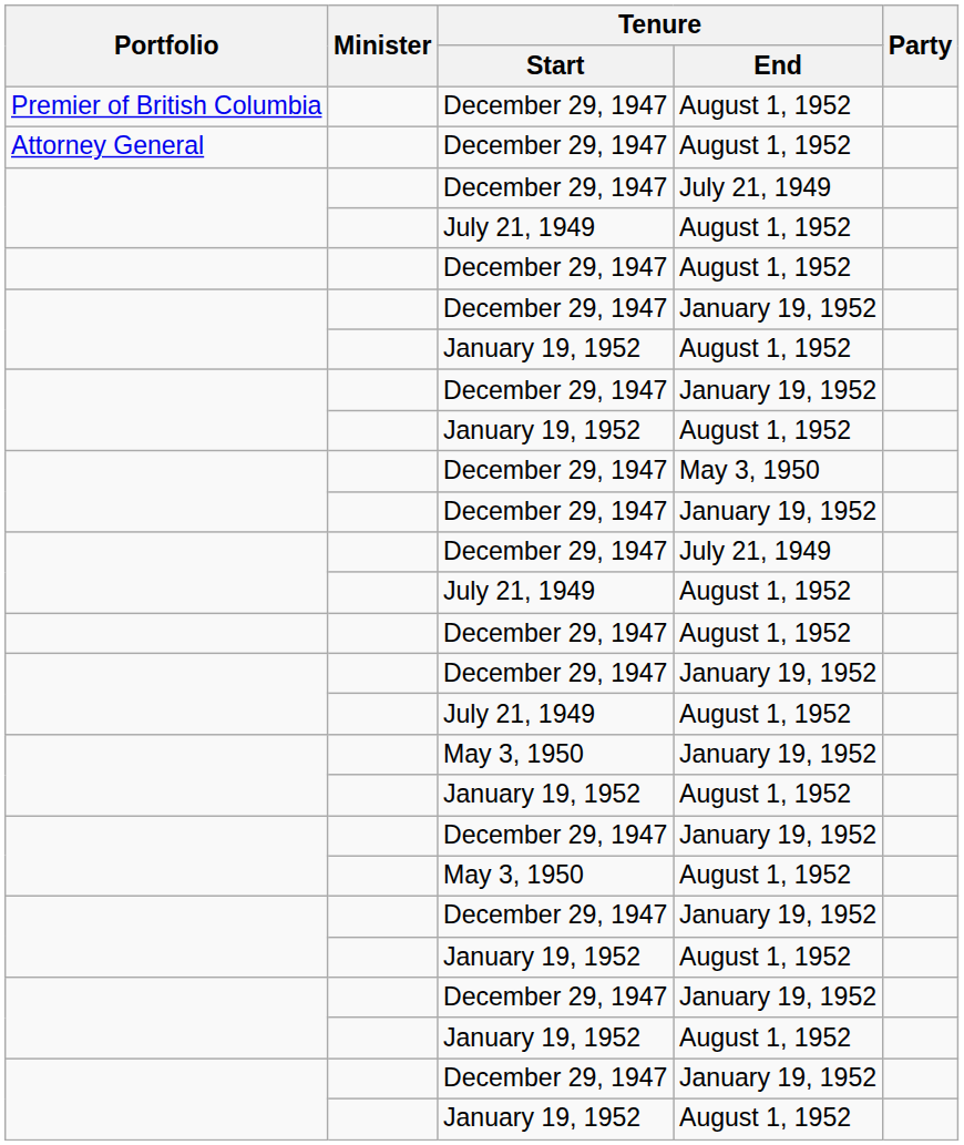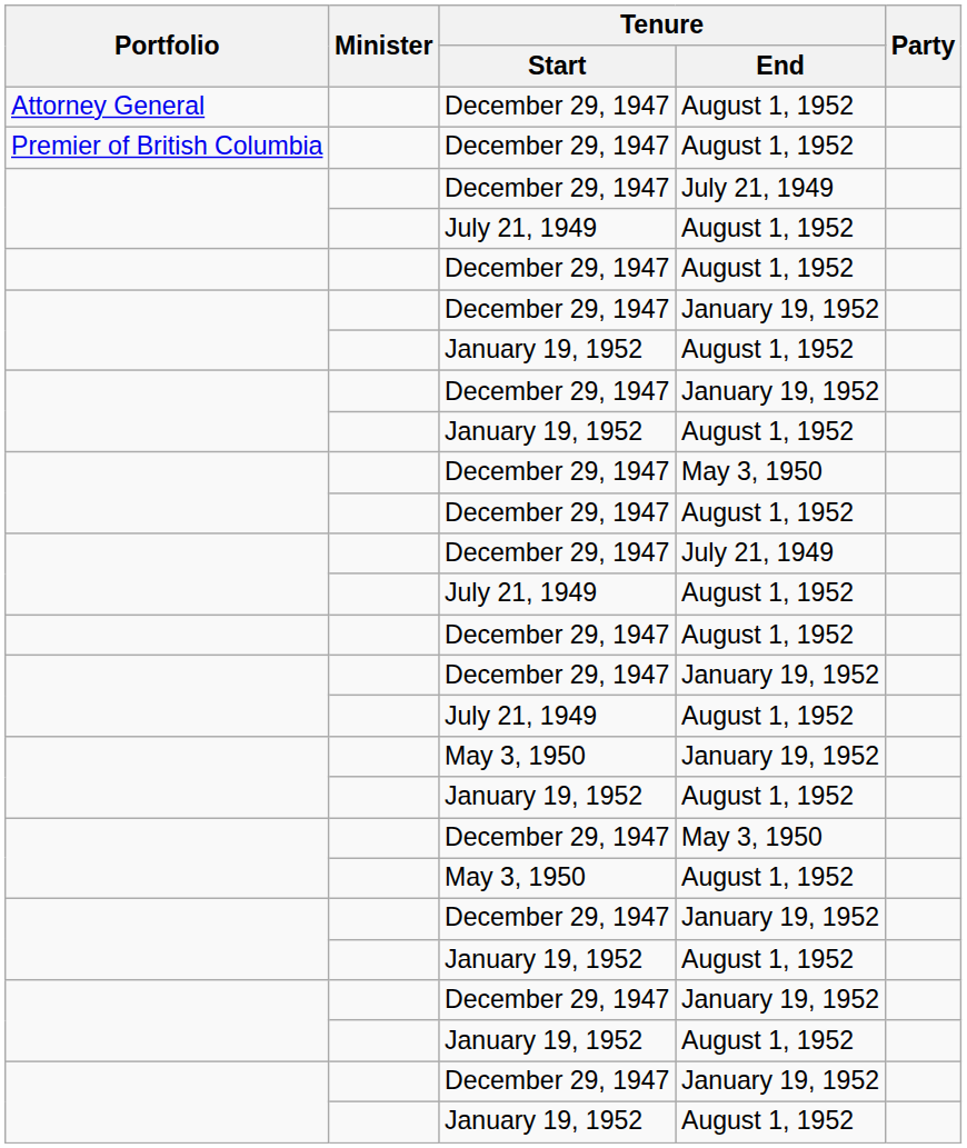 <table class="wikitable sortable">
 <tr>
 <th colspan="1" rowspan="2">Portfolio</th>
 <th rowspan="2">Minister</th>
 <th colspan="2">Tenure</th>
 <th rowspan="2">Party</th>
 </tr>
 <tr>
 <th>Start</th>
 <th>End</th>
 </tr>
 <tr>
-<td><a href='#'>Premier of British Columbia</a></td>
+<td><a href='#'>Attorney General</a></td>
 <td></td>
 <td>December 29, 1947</td>
 <td>August 1, 1952</td>
 <td></td>
 </tr>
 <tr>
-<td><a href='#'>Attorney General</a></td>
+<td><a href='#'>Premier of British Columbia</a></td>
 <td></td>
 <td>December 29, 1947</td>
 <td>August 1, 1952</td>
 <td></td>
 </tr>
 <tr>
 <td rowspan="2"></td>
 <td></td>
 <td>December 29, 1947</td>
 <td>July 21, 1949</td>
 <td></td>
 </tr>
 <tr>
 <td></td>
 <td>July 21, 1949</td>
 <td>August 1, 1952</td>
 <td></td>
 </tr>
 <tr>
 <td></td>
 <td></td>
 <td>December 29, 1947</td>
 <td>August 1, 1952</td>
 <td></td>
 </tr>
 <tr>
 <td rowspan="2"></td>
 <td></td>
 <td>December 29, 1947</td>
 <td>January 19, 1952</td>
 <td></td>
 </tr>
 <tr>
 <td></td>
 <td>January 19, 1952</td>
 <td>August 1, 1952</td>
 <td></td>
 </tr>
 <tr>
 <td rowspan="2"></td>
 <td></td>
 <td>December 29, 1947</td>
 <td>January 19, 1952</td>
 <td></td>
 </tr>
 <tr>
 <td></td>
 <td>January 19, 1952</td>
 <td>August 1, 1952</td>
 <td></td>
 </tr>
 <tr>
 <td rowspan="2"></td>
 <td></td>
 <td>December 29, 1947</td>
 <td>May 3, 1950</td>
 <td></td>
 </tr>
 <tr>
 <td></td>
 <td>December 29, 1947</td>
-<td>January 19, 1952</td>
+<td>August 1, 1952</td>
 <td></td>
 </tr>
 <tr>
 <td rowspan="2"></td>
 <td></td>
 <td>December 29, 1947</td>
 <td>July 21, 1949</td>
 <td></td>
 </tr>
 <tr>
 <td></td>
 <td>July 21, 1949</td>
 <td>August 1, 1952</td>
 <td></td>
 </tr>
 <tr>
 <td></td>
 <td></td>
 <td>December 29, 1947</td>
 <td>August 1, 1952</td>
 <td></td>
 </tr>
 <tr>
 <td rowspan="2"></td>
 <td></td>
 <td>December 29, 1947</td>
 <td>January 19, 1952</td>
 <td></td>
 </tr>
 <tr>
 <td></td>
 <td>July 21, 1949</td>
 <td>August 1, 1952</td>
 <td></td>
 </tr>
 <tr>
 <td rowspan="2"></td>
 <td></td>
 <td>May 3, 1950</td>
 <td>January 19, 1952</td>
 <td></td>
 </tr>
 <tr>
 <td></td>
 <td>January 19, 1952</td>
 <td>August 1, 1952</td>
 <td></td>
 </tr>
 <tr>
 <td rowspan="2"></td>
 <td></td>
 <td>December 29, 1947</td>
-<td>January 19, 1952</td>
+<td>May 3, 1950</td>
 <td></td>
 </tr>
 <tr>
 <td></td>
 <td>May 3, 1950</td>
 <td>August 1, 1952</td>
 <td></td>
 </tr>
 <tr>
 <td rowspan="2"></td>
 <td></td>
 <td>December 29, 1947</td>
 <td>January 19, 1952</td>
 <td></td>
 </tr>
 <tr>
 <td></td>
 <td>January 19, 1952</td>
 <td>August 1, 1952</td>
 <td></td>
 </tr>
 <tr>
 <td rowspan="2"></td>
 <td></td>
 <td>December 29, 1947</td>
 <td>January 19, 1952</td>
 <td></td>
 </tr>
 <tr>
 <td></td>
 <td>January 19, 1952</td>
 <td>August 1, 1952</td>
 <td></td>
 </tr>
 <tr>
 <td rowspan="2"></td>
 <td></td>
 <td>December 29, 1947</td>
 <td>January 19, 1952</td>
 <td></td>
 </tr>
 <tr>
 <td></td>
 <td>January 19, 1952</td>
 <td>August 1, 1952</td>
 <td></td>
 </tr>
 </table>
